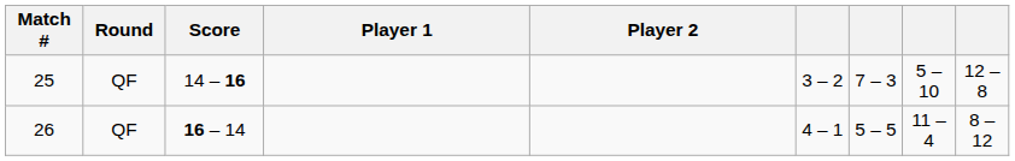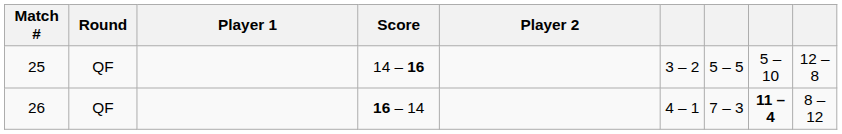 <table class="wikitable">
 <tr>
 <th width="2%">Match #</th>
 <th width="2%">Round</th>
+<th width="15%">Player 1</th>
 <th width="5%">Score</th>
-<th width="15%">Player 1</th>
 <th width="15%">Player 2</th>
 <th width="3%"></th>
 <th width="3%"></th>
 <th width="3%"></th>
 <th width="3%"></th>
 </tr>
 <tr style=text-align:center;"background:#;">
 <td>25</td>
 <td>QF</td>
+<td></td>
 <td>14 – <strong>16</strong></td>
 <td></td>
-<td></td>
 <td>3 – 2</td>
-<td>7 – 3</td>
+<td>5 – 5</td>
 <td>5 – 10</td>
 <td>12 – 8</td>
 </tr>
 <tr style=text-align:center;"background:#;">
 <td>26</td>
 <td>QF</td>
+<td></td>
 <td><strong>16</strong> – 14</td>
 <td></td>
-<td></td>
 <td>4 – 1</td>
-<td>5 – 5</td>
-<td>11 – 4</td>
+<td>7 – 3</td>
+<td><strong>11 – 4</strong></td>
 <td>8 – 12</td>
 </tr>
 </table>
